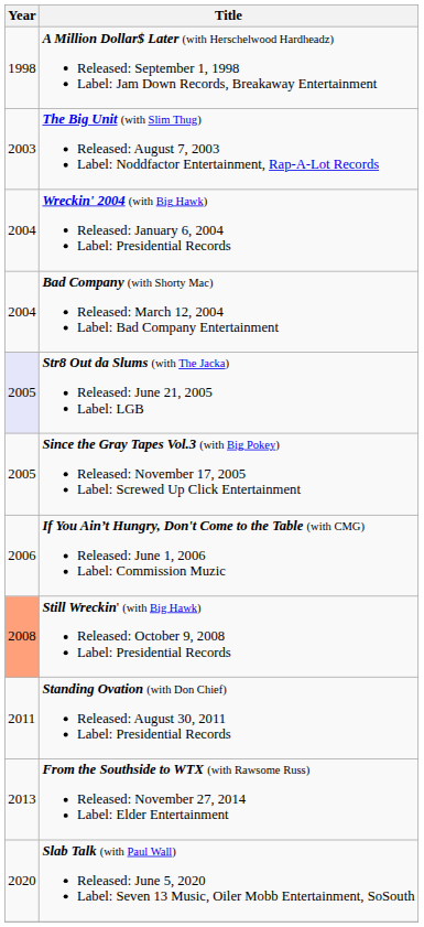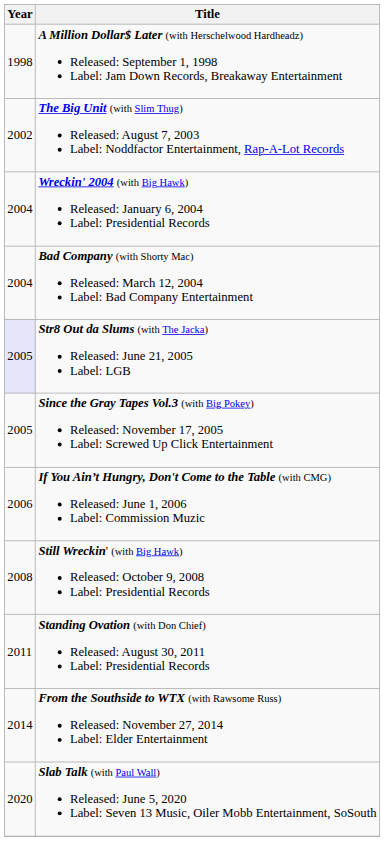 <table class="wikitable">
 <tr>
 <th rowspan="1">Year</th>
 <th rowspan="1">Title</th>
 </tr>
 <tr>
 <td>1998</td>
 <td><strong><em>A Million Dollar$ Later</em></strong> <small>(with Herschelwood Hardheadz)</small><br><ul><li>Released: September 1, 1998</li><li>Label: Jam Down Records, Breakaway Entertainment</li></ul></td>
 </tr>
 <tr>
-<td>2003</td>
+<td>2002</td>
 <td><strong><em><a href='#'>The Big Unit</a></em></strong> <small>(with <a href='#'>Slim Thug</a>)</small><br><ul><li>Released: August 7, 2003</li><li>Label: Noddfactor Entertainment, <a href='#'>Rap-A-Lot Records</a></li></ul></td>
 </tr>
 <tr>
 <td>2004</td>
 <td><strong><em><a href='#'>Wreckin' 2004</a></em></strong> <small>(with <a href='#'>Big Hawk</a>)</small><br><ul><li>Released: January 6, 2004</li><li>Label: Presidential Records</li></ul></td>
 </tr>
 <tr>
 <td>2004</td>
 <td><strong><em>Bad Company</em></strong> <small>(with Shorty Mac)</small><br><ul><li>Released: March 12, 2004</li><li>Label: Bad Company Entertainment</li></ul></td>
 </tr>
 <tr>
 <td style="background: lavender;">2005</td>
 <td><strong><em>Str8 Out da Slums</em></strong> <small>(with <a href='#'>The Jacka</a>)</small><br><ul><li>Released: June 21, 2005</li><li>Label: LGB</li></ul></td>
 </tr>
 <tr>
 <td>2005</td>
 <td><strong><em>Since the Gray Tapes Vol.3</em></strong> <small>(with <a href='#'>Big Pokey</a>)</small><br><ul><li>Released: November 17, 2005</li><li>Label: Screwed Up Click Entertainment</li></ul></td>
 </tr>
 <tr>
 <td>2006</td>
 <td><strong><em>If You Ain’t Hungry, Don't Come to the Table</em></strong> <small>(with CMG)</small><br><ul><li>Released: June 1, 2006</li><li>Label: Commission Muzic</li></ul></td>
 </tr>
 <tr>
-<td style="background: lightsalmon;">2008</td>
+<td>2008</td>
 <td><strong><em>Still Wreckin</em></strong>' <small>(with <a href='#'>Big Hawk</a>)</small><br><ul><li>Released: October 9, 2008</li><li>Label: Presidential Records</li></ul></td>
 </tr>
 <tr>
 <td>2011</td>
 <td><strong><em>Standing Ovation</em></strong> <small>(with Don Chief)</small><br><ul><li>Released: August 30, 2011</li><li>Label: Presidential Records</li></ul></td>
 </tr>
 <tr>
-<td>2013</td>
+<td>2014</td>
 <td><strong><em>From the Southside to WTX</em></strong> <small>(with Rawsome Russ)</small><br><ul><li>Released: November 27, 2014</li><li>Label: Elder Entertainment</li></ul></td>
 </tr>
 <tr>
 <td>2020</td>
 <td><strong><em>Slab Talk</em></strong> <small>(with <a href='#'>Paul Wall</a>)</small><br><ul><li>Released: June 5, 2020</li><li>Label: Seven 13 Music, Oiler Mobb Entertainment, SoSouth</li></ul></td>
 </tr>
 <tr>
 </tr>
 </table>
